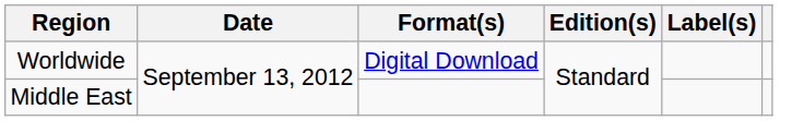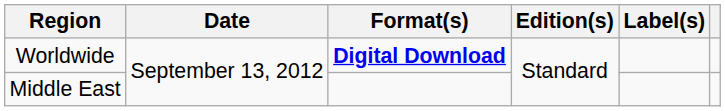 <table class="wikitable unsortable" style="text-align:center;">
 <tr>
 <th scope="col">Region</th>
 <th scope="col">Date</th>
 <th scope="col">Format(s)</th>
 <th scope="col">Edition(s)</th>
 <th scope="col">Label(s)</th>
 <th scope="col"></th>
 </tr>
 <tr>
 <td>Worldwide</td>
 <td rowspan="5">September 13, 2012</td>
-<td><a href='#'>Digital Download</a></td>
+<td><strong><a href='#'>Digital Download</a></strong></td>
 <td rowspan="5">Standard</td>
 <td></td>
 <td></td>
 </tr>
 <tr>
 <td>Middle East</td>
 <td></td>
 <td rowspan="2"></td>
 <td></td>
 </tr>
 </table>
